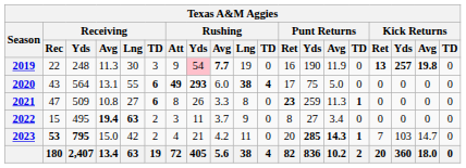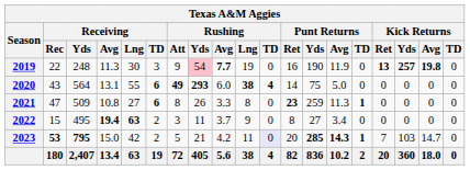 <table class="wikitable" style="text-align:center;">
 <tr>
 <th colspan=19>Texas A&M Aggies</th>
 </tr>
 <tr>
 <th rowspan="2">Season</th>
 <th colspan="5">Receiving</th>
 <th colspan="5">Rushing</th>
 <th colspan="4">Punt Returns</th>
 <th colspan="4">Kick Returns</th>
 </tr>
 <tr>
 <th>Rec</th>
 <th>Yds</th>
 <th>Avg</th>
 <th>Lng</th>
 <th>TD</th>
 <th>Att</th>
 <th>Yds</th>
 <th>Avg</th>
 <th>Lng</th>
 <th>TD</th>
 <th>Ret</th>
 <th>Yds</th>
 <th>Avg</th>
 <th>TD</th>
 <th>Ret</th>
 <th>Yds</th>
 <th>Avg</th>
 <th>TD</th>
 </tr>
 <tr>
 <th><a href='#'>2019</a></th>
 <td>22</td>
 <td>248</td>
 <td>11.3</td>
 <td>30</td>
 <td>3</td>
 <td>9</td>
 <td style="background: pink;">54</td>
 <td><strong>7.7</strong></td>
 <td>19</td>
 <td>0</td>
 <td>16</td>
 <td>190</td>
 <td>11.9</td>
 <td>0</td>
 <td><strong>13</strong></td>
 <td><strong>257</strong></td>
 <td><strong>19.8</strong></td>
 <td>0</td>
 </tr>
 <tr>
 <th><a href='#'>2020</a></th>
 <td>43</td>
 <td>564</td>
 <td>13.1</td>
 <td>55</td>
 <td><strong>6</strong></td>
 <td><strong>49</strong></td>
 <td><strong>293</strong></td>
 <td>6.0</td>
 <td><strong>38</strong></td>
 <td><strong>4</strong></td>
-<td>17</td>
+<td>14</td>
 <td>75</td>
 <td>5.0</td>
 <td>0</td>
 <td>0</td>
 <td>0</td>
 <td>0</td>
 <td>0</td>
 </tr>
 <tr>
 <th><a href='#'>2021</a></th>
 <td>47</td>
 <td>509</td>
 <td>10.8</td>
 <td>27</td>
 <td><strong>6</strong></td>
 <td>8</td>
 <td>26</td>
 <td>3.3</td>
 <td>8</td>
 <td>0</td>
 <td><strong>23</strong></td>
 <td>259</td>
 <td>11.3</td>
 <td><strong>1</strong></td>
 <td>0</td>
 <td>0</td>
 <td>0</td>
 <td>0</td>
 </tr>
 <tr>
 <th><a href='#'>2022</a></th>
 <td>15</td>
 <td>495</td>
 <td><strong>19.4</strong></td>
 <td><strong>63</strong></td>
 <td>2</td>
 <td>3</td>
 <td>11</td>
 <td>3.7</td>
 <td>9</td>
 <td>0</td>
 <td>8</td>
 <td>27</td>
 <td>3.4</td>
 <td>0</td>
 <td>0</td>
 <td>0</td>
 <td>0</td>
 <td>0</td>
 </tr>
 <tr>
 <th><a href='#'>2023</a></th>
 <td><strong>53</strong></td>
 <td><strong>795</strong></td>
 <td>15.0</td>
 <td>42</td>
 <td>2</td>
-<td>4</td>
+<td>5</td>
 <td>21</td>
 <td>4.2</td>
 <td>11</td>
-<td>0</td>
+<td style="background: lavender;">0</td>
 <td>20</td>
 <td><strong>285</strong></td>
 <td><strong>14.3</strong></td>
 <td><strong>1</strong></td>
 <td>7</td>
 <td>103</td>
 <td>14.7</td>
 <td>0</td>
 </tr>
 <tr>
 <th></th>
 <th>180</th>
 <th>2,407</th>
 <th>13.4</th>
 <th>63</th>
 <th>19</th>
 <th>72</th>
 <th>405</th>
 <th>5.6</th>
 <th>38</th>
 <th>4</th>
 <th>82</th>
 <th>836</th>
 <th>10.2</th>
 <th>2</th>
 <th>20</th>
 <th>360</th>
 <th>18.0</th>
 <th>0</th>
 </tr>
 </table>
